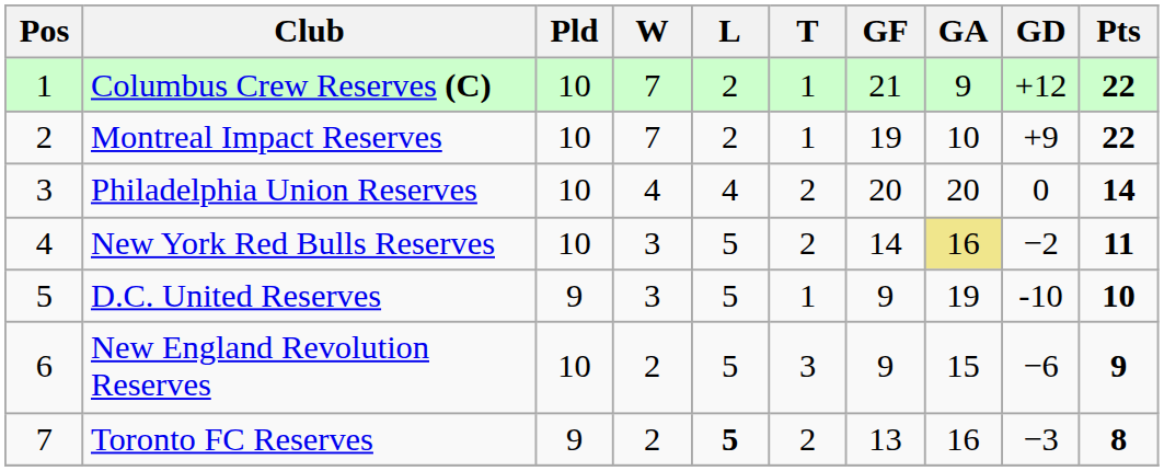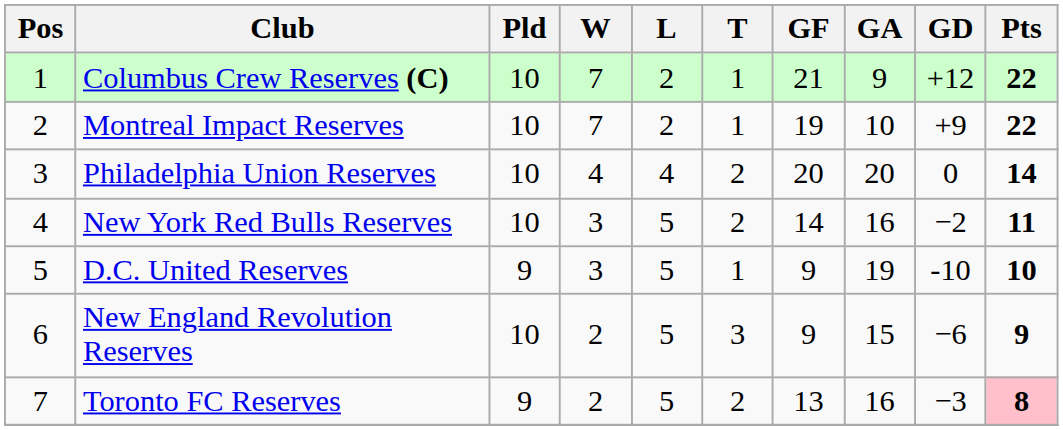 <table class="wikitable" style="text-align:center">
 <tr>
 <th width=30>Pos</th>
 <th width=210>Club</th>
 <th width=30>Pld</th>
 <th width=30>W</th>
 <th width=30>L</th>
 <th width=30>T</th>
 <th width=30>GF</th>
 <th width=30>GA</th>
 <th width=30>GD</th>
 <th width=30>Pts</th>
 </tr>
 <tr bgcolor=#ccffcc>
 <td>1</td>
 <td align=left><a href='#'>Columbus Crew Reserves</a> <strong>(C)</strong></td>
 <td>10</td>
 <td>7</td>
 <td>2</td>
 <td>1</td>
 <td>21</td>
 <td>9</td>
 <td>+12</td>
 <td><strong>22</strong></td>
 </tr>
 <tr>
 <td>2</td>
 <td align=left><a href='#'>Montreal Impact Reserves</a></td>
 <td>10</td>
 <td>7</td>
 <td>2</td>
 <td>1</td>
 <td>19</td>
 <td>10</td>
 <td>+9</td>
 <td><strong>22</strong></td>
 </tr>
 <tr>
 <td>3</td>
 <td align=left><a href='#'>Philadelphia Union Reserves</a></td>
 <td>10</td>
 <td>4</td>
 <td>4</td>
 <td>2</td>
 <td>20</td>
 <td>20</td>
 <td>0</td>
 <td><strong>14</strong></td>
 </tr>
 <tr>
 <td>4</td>
 <td align=left><a href='#'>New York Red Bulls Reserves</a></td>
 <td>10</td>
 <td>3</td>
 <td>5</td>
 <td>2</td>
 <td>14</td>
-<td style="background: khaki;">16</td>
+<td>16</td>
 <td>−2</td>
 <td><strong>11</strong></td>
 </tr>
 <tr>
 <td>5</td>
 <td align=left><a href='#'>D.C. United Reserves</a></td>
 <td>9</td>
 <td>3</td>
 <td>5</td>
 <td>1</td>
 <td>9</td>
 <td>19</td>
 <td>-10</td>
 <td><strong>10</strong></td>
 </tr>
 <tr>
 <td>6</td>
 <td align=left><a href='#'>New England Revolution Reserves</a></td>
 <td>10</td>
 <td>2</td>
 <td>5</td>
 <td>3</td>
 <td>9</td>
 <td>15</td>
 <td>−6</td>
 <td><strong>9</strong></td>
 </tr>
 <tr>
 <td>7</td>
 <td align=left><a href='#'>Toronto FC Reserves</a></td>
 <td>9</td>
 <td>2</td>
-<td><strong>5</strong></td>
+<td>5</td>
 <td>2</td>
 <td>13</td>
 <td>16</td>
 <td>−3</td>
-<td><strong>8</strong></td>
+<td style="background: pink;"><strong>8</strong></td>
 </tr>
 <tr>
 </tr>
 </table>
